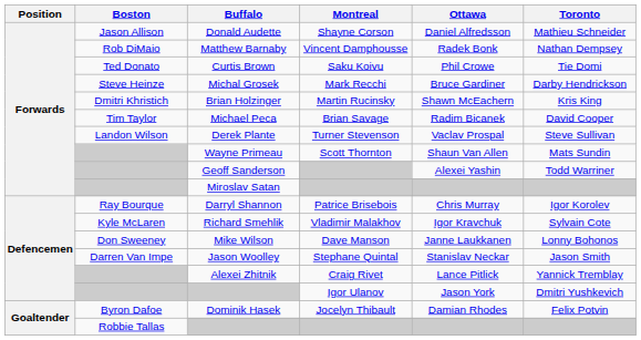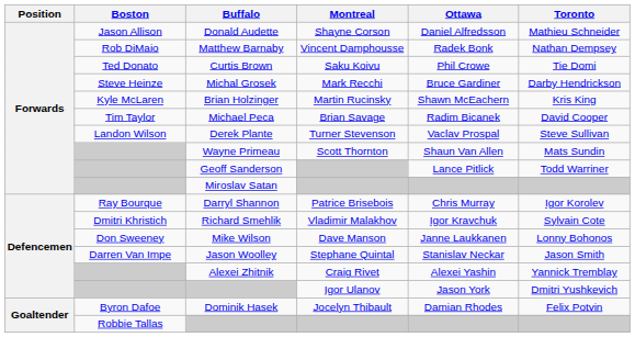 <table class="wikitable" style="font-size:90%;text-align:center;">
 <tr>
 <th scope=col>Position</th>
 <th scope=col width="140"><a href='#'>Boston</a></th>
 <th scope=col width="140"><a href='#'>Buffalo</a></th>
 <th scope=col width="140"><a href='#'>Montreal</a></th>
 <th scope=col width="140"><a href='#'>Ottawa</a></th>
 <th scope=col width="140"><a href='#'>Toronto</a></th>
 </tr>
 <tr>
 <th scope="row" rowspan="10">Forwards</th>
 <td><a href='#'>Jason Allison</a></td>
 <td><a href='#'>Donald Audette</a></td>
 <td><a href='#'>Shayne Corson</a></td>
 <td><a href='#'>Daniel Alfredsson</a></td>
 <td><a href='#'>Mathieu Schneider</a></td>
 </tr>
 <tr>
 <td><a href='#'>Rob DiMaio</a></td>
 <td><a href='#'>Matthew Barnaby</a></td>
 <td><a href='#'>Vincent Damphousse</a></td>
 <td><a href='#'>Radek Bonk</a></td>
 <td><a href='#'>Nathan Dempsey</a></td>
 </tr>
 <tr>
 <td><a href='#'>Ted Donato</a></td>
 <td><a href='#'>Curtis Brown</a></td>
 <td><a href='#'>Saku Koivu</a></td>
 <td><a href='#'>Phil Crowe</a></td>
 <td><a href='#'>Tie Domi</a></td>
 </tr>
 <tr>
 <td><a href='#'>Steve Heinze</a></td>
 <td><a href='#'>Michal Grosek</a></td>
 <td><a href='#'>Mark Recchi</a></td>
 <td><a href='#'>Bruce Gardiner</a></td>
 <td><a href='#'>Darby Hendrickson</a></td>
 </tr>
 <tr>
-<td><a href='#'>Dmitri Khristich</a></td>
+<td><a href='#'>Kyle McLaren</a></td>
 <td><a href='#'>Brian Holzinger</a></td>
 <td><a href='#'>Martin Rucinsky</a></td>
 <td><a href='#'>Shawn McEachern</a></td>
 <td><a href='#'>Kris King</a></td>
 </tr>
 <tr>
 <td><a href='#'>Tim Taylor</a></td>
 <td><a href='#'>Michael Peca</a></td>
 <td><a href='#'>Brian Savage</a></td>
 <td><a href='#'>Radim Bicanek</a></td>
 <td><a href='#'>David Cooper</a></td>
 </tr>
 <tr>
 <td><a href='#'>Landon Wilson</a></td>
 <td><a href='#'>Derek Plante</a></td>
 <td><a href='#'>Turner Stevenson</a></td>
 <td><a href='#'>Vaclav Prospal</a></td>
 <td><a href='#'>Steve Sullivan</a></td>
 </tr>
 <tr>
 <td style="background-color:#CCCCCC"></td>
 <td><a href='#'>Wayne Primeau</a></td>
 <td><a href='#'>Scott Thornton</a></td>
 <td><a href='#'>Shaun Van Allen</a></td>
 <td><a href='#'>Mats Sundin</a></td>
 </tr>
 <tr>
 <td style="background-color:#CCCCCC"></td>
 <td><a href='#'>Geoff Sanderson</a></td>
 <td style="background-color:#CCCCCC"></td>
-<td><a href='#'>Alexei Yashin</a></td>
+<td><a href='#'>Lance Pitlick</a></td>
 <td><a href='#'>Todd Warriner</a></td>
 </tr>
 <tr>
 <td style="background-color:#CCCCCC"></td>
 <td><a href='#'>Miroslav Satan</a></td>
 <td style="background-color:#CCCCCC"></td>
 <td style="background-color:#CCCCCC"></td>
 <td style="background-color:#CCCCCC"></td>
 </tr>
 <tr>
 <th scope="row" rowspan="6">Defencemen</th>
 <td><a href='#'>Ray Bourque</a></td>
 <td><a href='#'>Darryl Shannon</a></td>
 <td><a href='#'>Patrice Brisebois</a></td>
 <td><a href='#'>Chris Murray</a></td>
 <td><a href='#'>Igor Korolev</a></td>
 </tr>
 <tr>
-<td><a href='#'>Kyle McLaren</a></td>
+<td><a href='#'>Dmitri Khristich</a></td>
 <td><a href='#'>Richard Smehlik</a></td>
 <td><a href='#'>Vladimir Malakhov</a></td>
 <td><a href='#'>Igor Kravchuk</a></td>
 <td><a href='#'>Sylvain Cote</a></td>
 </tr>
 <tr>
 <td><a href='#'>Don Sweeney</a></td>
 <td><a href='#'>Mike Wilson</a></td>
 <td><a href='#'>Dave Manson</a></td>
 <td><a href='#'>Janne Laukkanen</a></td>
 <td><a href='#'>Lonny Bohonos</a></td>
 </tr>
 <tr>
 <td><a href='#'>Darren Van Impe</a></td>
 <td><a href='#'>Jason Woolley</a></td>
 <td><a href='#'>Stephane Quintal</a></td>
 <td><a href='#'>Stanislav Neckar</a></td>
 <td><a href='#'>Jason Smith</a></td>
 </tr>
 <tr>
 <td style="background-color:#CCCCCC"></td>
 <td><a href='#'>Alexei Zhitnik</a></td>
 <td><a href='#'>Craig Rivet</a></td>
-<td><a href='#'>Lance Pitlick</a></td>
+<td><a href='#'>Alexei Yashin</a></td>
 <td><a href='#'>Yannick Tremblay</a></td>
 </tr>
 <tr>
 <td style="background-color:#CCCCCC"></td>
 <td style="background-color:#CCCCCC"></td>
 <td><a href='#'>Igor Ulanov</a></td>
 <td><a href='#'>Jason York</a></td>
 <td><a href='#'>Dmitri Yushkevich</a></td>
 </tr>
 <tr>
 <th scope="row" rowspan="2">Goaltender</th>
 <td><a href='#'>Byron Dafoe</a></td>
 <td><a href='#'>Dominik Hasek</a></td>
 <td><a href='#'>Jocelyn Thibault</a></td>
 <td><a href='#'>Damian Rhodes</a></td>
 <td><a href='#'>Felix Potvin</a></td>
 </tr>
 <tr>
 <td><a href='#'>Robbie Tallas</a></td>
 <td style="background-color:#CCCCCC"></td>
 <td style="background-color:#CCCCCC"></td>
 <td style="background-color:#CCCCCC"></td>
 <td style="background-color:#CCCCCC"></td>
 </tr>
 </table>
